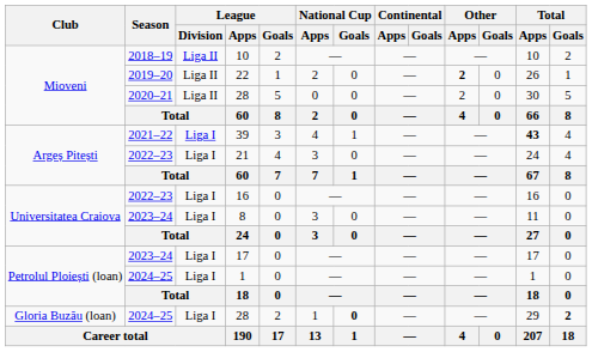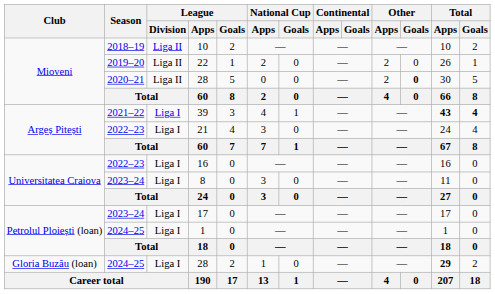 <table class=wikitable style=text-align:center>
 <tr>
 <th rowspan=2>Club</th>
 <th rowspan=2>Season</th>
 <th colspan=3>League</th>
 <th colspan=2>National Cup</th>
 <th colspan=2>Continental</th>
 <th colspan=2>Other</th>
 <th colspan=2>Total</th>
 </tr>
 <tr>
 <th>Division</th>
 <th>Apps</th>
 <th>Goals</th>
 <th>Apps</th>
 <th>Goals</th>
 <th>Apps</th>
 <th>Goals</th>
 <th>Apps</th>
 <th>Goals</th>
 <th>Apps</th>
 <th>Goals</th>
 </tr>
 <tr>
 <td rowspan="4"><a href='#'>Mioveni</a></td>
 <td><a href='#'>2018–19</a></td>
 <td><a href='#'>Liga II</a></td>
 <td>10</td>
 <td>2</td>
 <td colspan="2">—</td>
 <td colspan="2">—</td>
 <td colspan="2">—</td>
 <td>10</td>
 <td>2</td>
 </tr>
 <tr>
 <td><a href='#'>2019–20</a></td>
 <td>Liga II</td>
 <td>22</td>
 <td>1</td>
 <td>2</td>
 <td>0</td>
 <td colspan="2">—</td>
-<td><strong>2</strong></td>
+<td>2</td>
 <td>0</td>
 <td>26</td>
 <td>1</td>
 </tr>
 <tr>
 <td><a href='#'>2020–21</a></td>
 <td>Liga II</td>
 <td>28</td>
 <td>5</td>
 <td>0</td>
 <td>0</td>
 <td colspan="2">—</td>
 <td>2</td>
-<td>0</td>
+<td><strong>0</strong></td>
 <td>30</td>
 <td>5</td>
 </tr>
 <tr>
 <th colspan="2">Total</th>
 <th>60</th>
 <th>8</th>
 <th>2</th>
 <th>0</th>
 <th colspan="2">—</th>
 <th>4</th>
 <th>0</th>
 <th>66</th>
 <th>8</th>
 </tr>
 <tr>
 <td rowspan="3"><a href='#'>Argeș Pitești</a></td>
 <td><a href='#'>2021–22</a></td>
 <td rowspan="1"><a href='#'>Liga I</a></td>
 <td>39</td>
 <td>3</td>
 <td>4</td>
 <td>1</td>
 <td colspan="2">—</td>
 <td colspan="2">—</td>
 <td><strong>43</strong></td>
-<td>4</td>
+<td><strong>4</strong></td>
 </tr>
 <tr>
 <td><a href='#'>2022–23</a></td>
 <td rowspan="1">Liga I</td>
 <td>21</td>
 <td>4</td>
 <td>3</td>
 <td>0</td>
 <td colspan="2">—</td>
 <td colspan="2">—</td>
 <td>24</td>
 <td>4</td>
 </tr>
 <tr>
 <th colspan="2">Total</th>
 <th>60</th>
 <th>7</th>
 <th>7</th>
 <th>1</th>
 <th colspan="2">—</th>
 <th colspan="2">—</th>
 <th>67</th>
 <th>8</th>
 </tr>
 <tr>
 <td rowspan="3"><a href='#'>Universitatea Craiova</a></td>
 <td><a href='#'>2022–23</a></td>
 <td rowspan="1">Liga I</td>
 <td>16</td>
 <td>0</td>
 <td colspan="2">—</td>
 <td colspan="2">—</td>
 <td colspan="2">—</td>
 <td>16</td>
 <td>0</td>
 </tr>
 <tr>
 <td><a href='#'>2023–24</a></td>
 <td rowspan="1">Liga I</td>
 <td>8</td>
 <td>0</td>
 <td>3</td>
 <td>0</td>
 <td colspan="2">—</td>
 <td colspan="2">—</td>
 <td>11</td>
 <td>0</td>
 </tr>
 <tr>
 <th colspan="2">Total</th>
 <th>24</th>
 <th>0</th>
 <th>3</th>
 <th>0</th>
 <th colspan="2">—</th>
 <th colspan="2">—</th>
 <th>27</th>
 <th>0</th>
 </tr>
 <tr>
 <td rowspan="3"><a href='#'>Petrolul Ploiești</a> (loan)</td>
 <td><a href='#'>2023–24</a></td>
 <td rowspan="1">Liga I</td>
 <td>17</td>
 <td>0</td>
 <td colspan="2">—</td>
 <td colspan="2">—</td>
 <td colspan="2">—</td>
 <td>17</td>
 <td>0</td>
 </tr>
 <tr>
 <td><a href='#'>2024–25</a></td>
 <td rowspan="1">Liga I</td>
 <td>1</td>
 <td>0</td>
 <td colspan="2">—</td>
 <td colspan="2">—</td>
 <td colspan="2">—</td>
 <td>1</td>
 <td>0</td>
 </tr>
 <tr>
 <th colspan="2">Total</th>
 <th>18</th>
 <th>0</th>
 <th colspan="2">—</th>
 <th colspan="2">—</th>
 <th colspan="2">—</th>
 <th>18</th>
 <th>0</th>
 </tr>
 <tr>
 <td><a href='#'>Gloria Buzău</a> (loan)</td>
 <td><a href='#'>2024–25</a></td>
 <td rowspan="1">Liga I</td>
 <td>28</td>
 <td>2</td>
 <td>1</td>
-<td><strong>0</strong></td>
+<td>0</td>
 <td colspan="2">—</td>
 <td colspan="2">—</td>
-<td>29</td>
-<td><strong>2</strong></td>
+<td><strong>29</strong></td>
+<td>2</td>
 </tr>
 <tr>
 <th colspan="3">Career total</th>
 <th>190</th>
 <th>17</th>
 <th>13</th>
 <th>1</th>
 <th colspan="2">—</th>
 <th>4</th>
 <th>0</th>
 <th>207</th>
 <th>18</th>
 </tr>
 </table>
